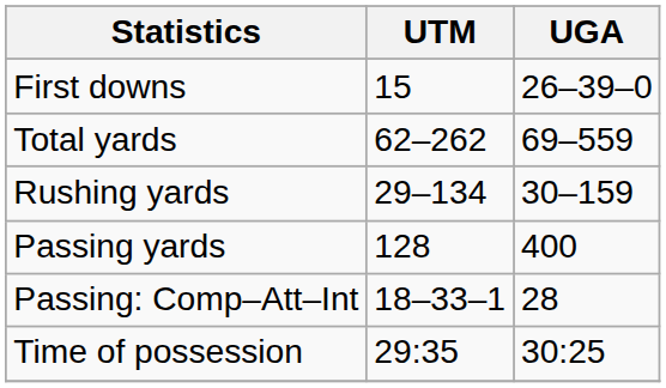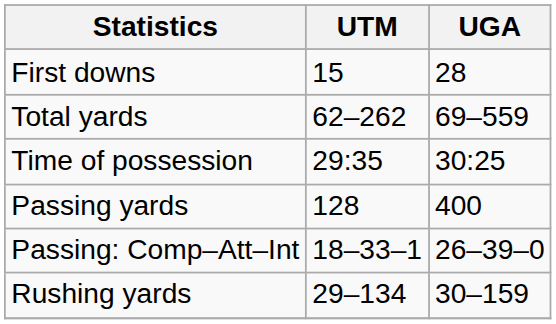 <table class="wikitable" style="float: left;">
 <tr>
 <th>Statistics</th>
 <th>UTM</th>
 <th>UGA</th>
 </tr>
 <tr>
 <td>First downs</td>
 <td>15</td>
-<td>26–39–0</td>
+<td>28</td>
 </tr>
 <tr>
 <td>Total yards</td>
 <td>62–262</td>
 <td>69–559</td>
 </tr>
 <tr>
-<td>Rushing yards</td>
-<td>29–134</td>
-<td>30–159</td>
+<td>Time of possession</td>
+<td>29:35</td>
+<td>30:25</td>
 </tr>
 <tr>
 <td>Passing yards</td>
 <td>128</td>
 <td>400</td>
 </tr>
 <tr>
 <td>Passing: Comp–Att–Int</td>
 <td>18–33–1</td>
-<td>28</td>
+<td>26–39–0</td>
 </tr>
 <tr>
-<td>Time of possession</td>
-<td>29:35</td>
-<td>30:25</td>
+<td>Rushing yards</td>
+<td>29–134</td>
+<td>30–159</td>
 </tr>
 <tr>
 </tr>
 </table>
